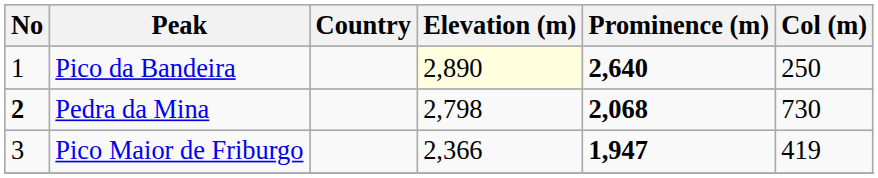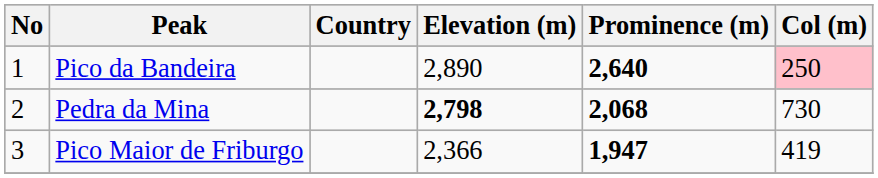 <table class="wikitable sortable">
 <tr>
 <th>No</th>
 <th>Peak</th>
 <th>Country</th>
 <th>Elevation (m)</th>
 <th>Prominence (m)</th>
 <th>Col (m)</th>
 </tr>
 <tr>
 <td>1</td>
 <td><a href='#'>Pico da Bandeira</a></td>
 <td></td>
-<td style="background: lightyellow;">2,890</td>
+<td>2,890</td>
 <td><strong>2,640</strong></td>
-<td>250</td>
+<td style="background: pink;">250</td>
 </tr>
 <tr>
-<td><strong>2</strong></td>
+<td>2</td>
 <td><a href='#'>Pedra da Mina</a></td>
 <td></td>
-<td>2,798</td>
+<td><strong>2,798</strong></td>
 <td><strong>2,068</strong></td>
 <td>730</td>
 </tr>
 <tr>
 <td>3</td>
 <td><a href='#'>Pico Maior de Friburgo</a></td>
 <td></td>
 <td>2,366</td>
 <td><strong>1,947</strong></td>
 <td>419</td>
 </tr>
 <tr>
 </tr>
 </table>
